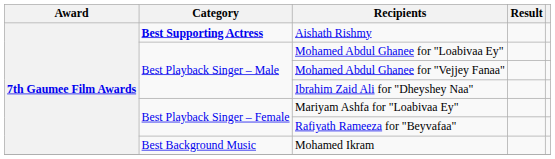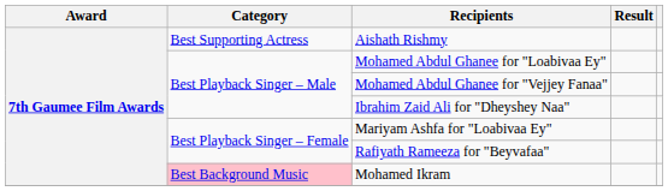 <table class="wikitable plainrowheaders sortable">
 <tr>
 <th scope="col">Award</th>
 <th scope="col">Category</th>
 <th scope="col">Recipients</th>
 <th scope="col">Result</th>
 <th scope="col" class="unsortable"></th>
 </tr>
 <tr>
 <th scope="row" rowspan="7"><a href='#'>7th Gaumee Film Awards</a></th>
-<td><strong><a href='#'>Best Supporting Actress</a></strong></td>
+<td><a href='#'>Best Supporting Actress</a></td>
 <td><a href='#'>Aishath Rishmy</a></td>
 <td></td>
 <td style="text-align:center;"></td>
 </tr>
 <tr>
 <td rowspan="3"><a href='#'>Best Playback Singer – Male</a></td>
 <td><a href='#'>Mohamed Abdul Ghanee</a> for "Loabivaa Ey"</td>
 <td></td>
 <td style="text-align:center;"></td>
 </tr>
 <tr>
 <td><a href='#'>Mohamed Abdul Ghanee</a> for "Vejjey Fanaa"</td>
 <td></td>
 <td style="text-align:center;"></td>
 </tr>
 <tr>
 <td><a href='#'>Ibrahim Zaid Ali</a> for "Dheyshey Naa"</td>
 <td></td>
 <td style="text-align:center;"></td>
 </tr>
 <tr>
 <td rowspan="2"><a href='#'>Best Playback Singer – Female</a></td>
 <td>Mariyam Ashfa for "Loabivaa Ey"</td>
 <td></td>
 <td style="text-align:center;"></td>
 </tr>
 <tr>
 <td><a href='#'>Rafiyath Rameeza</a> for "Beyvafaa"</td>
 <td></td>
 <td style="text-align:center;"></td>
 </tr>
 <tr>
-<td><a href='#'>Best Background Music</a></td>
+<td style="background: pink;"><a href='#'>Best Background Music</a></td>
 <td>Mohamed Ikram</td>
 <td></td>
 <td style="text-align:center;"></td>
 </tr>
 <tr>
 </tr>
 </table>
